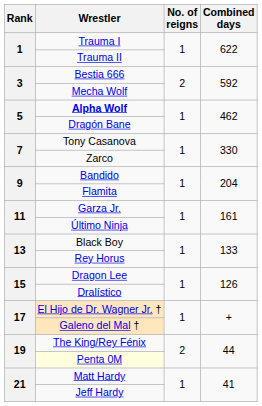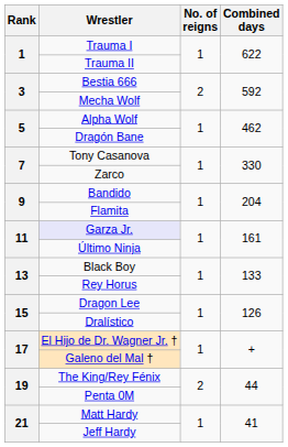 <table class="wikitable sortable" style="text-align: center">
 <tr>
 <th>Rank</th>
 <th>Wrestler</th>
 <th>No. of<br>reigns</th>
 <th>Combined<br>days</th>
 </tr>
 <tr>
 <th rowspan=2>1</th>
 <td><a href='#'>Trauma I</a></td>
 <td rowspan=2>1</td>
 <td rowspan=2>622</td>
 </tr>
 <tr>
 <td><a href='#'>Trauma II</a></td>
 </tr>
 <tr>
 <th rowspan=2>3</th>
 <td><a href='#'>Bestia 666</a></td>
 <td rowspan=2>2</td>
 <td rowspan=2>592</td>
 </tr>
 <tr>
 <td><a href='#'>Mecha Wolf</a></td>
 </tr>
 <tr>
 <th rowspan=2>5</th>
-<td><strong><a href='#'>Alpha Wolf</a></strong></td>
+<td><a href='#'>Alpha Wolf</a></td>
 <td rowspan=2>1</td>
 <td rowspan=2>462</td>
 </tr>
 <tr>
 <td><a href='#'>Dragón Bane</a></td>
 </tr>
 <tr>
 <th rowspan=2>7</th>
 <td>Tony Casanova</td>
 <td rowspan=2>1</td>
 <td rowspan=2>330</td>
 </tr>
 <tr>
 <td>Zarco</td>
 </tr>
 <tr>
 <th rowspan=2>9</th>
 <td><a href='#'>Bandido</a></td>
 <td rowspan=2>1</td>
 <td rowspan=2>204</td>
 </tr>
 <tr>
 <td><a href='#'>Flamita</a></td>
 </tr>
 <tr>
 <th rowspan=2>11</th>
-<td><a href='#'>Garza Jr.</a></td>
+<td style="background: lavender;"><a href='#'>Garza Jr.</a></td>
 <td rowspan=2>1</td>
 <td rowspan=2>161</td>
 </tr>
 <tr>
 <td><a href='#'>Último Ninja</a></td>
 </tr>
 <tr>
 <th rowspan=2>13</th>
 <td>Black Boy</td>
 <td rowspan=2>1</td>
 <td rowspan=2>133</td>
 </tr>
 <tr>
 <td><a href='#'>Rey Horus</a></td>
 </tr>
 <tr>
 <th rowspan=2>15</th>
 <td><a href='#'>Dragon Lee</a></td>
 <td rowspan=2>1</td>
 <td rowspan=2>126</td>
 </tr>
 <tr>
 <td><a href='#'>Dralístico</a></td>
 </tr>
 <tr>
 <th rowspan=2>17</th>
 <td style="background-color:#FFE6BD"><a href='#'>El Hijo de Dr. Wagner Jr.</a> †</td>
 <td rowspan=2>1</td>
 <td rowspan=2>+</td>
 </tr>
 <tr>
 <td style="background-color:#FFE6BD"><a href='#'>Galeno del Mal</a> †</td>
 </tr>
 <tr>
 <th rowspan=2>19</th>
 <td><a href='#'>The King/Rey Fénix</a></td>
 <td rowspan=2>2</td>
 <td rowspan=2>44</td>
 </tr>
 <tr>
-<td style="background: lightyellow;"><a href='#'>Penta 0M</a></td>
+<td><a href='#'>Penta 0M</a></td>
 </tr>
 <tr>
 <th rowspan=2>21</th>
 <td><a href='#'>Matt Hardy</a></td>
 <td rowspan=2>1</td>
 <td rowspan=2>41</td>
 </tr>
 <tr>
 <td><a href='#'>Jeff Hardy</a></td>
 </tr>
 </table>
